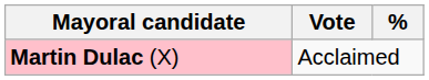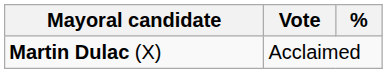 <table class="wikitable">
 <tr>
 <th bgcolor="#DDDDFF" width="200px">Mayoral candidate</th>
 <th bgcolor="#DDDDFF" width="50px">Vote</th>
 <th bgcolor="#DDDDFF"  width="30px">%</th>
 </tr>
 <tr>
-<td style="background: pink;"><strong>Martin Dulac</strong> (X)</td>
+<td><strong>Martin Dulac</strong> (X)</td>
 <td colspan="2">Acclaimed</td>
 </tr>
 </table>
